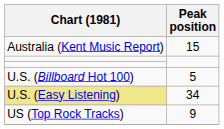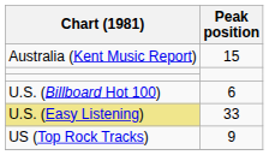 <table class="wikitable sortable">
 <tr>
 <th>Chart (1981)</th>
 <th>Peak<br>position</th>
 </tr>
 <tr>
 <td>Australia (<a href='#'>Kent Music Report</a>)</td>
 <td style="text-align:center;">15</td>
 </tr>
 <tr>
 <td></td>
 </tr>
 <tr>
 <td></td>
 </tr>
 <tr>
 <td>U.S. (<a href='#'><em>Billboard</em> Hot 100</a>)</td>
-<td style="text-align:center;">5</td>
+<td style="text-align:center;">6</td>
 </tr>
 <tr>
 <td style="background: khaki;">U.S. (<a href='#'>Easy Listening</a>)</td>
-<td style="text-align:center;">34</td>
+<td style="text-align:center;">33</td>
 </tr>
 <tr>
 <td>US (<a href='#'>Top Rock Tracks</a>)</td>
 <td style="text-align:center;">9</td>
 </tr>
 <tr>
 </tr>
 </table>
